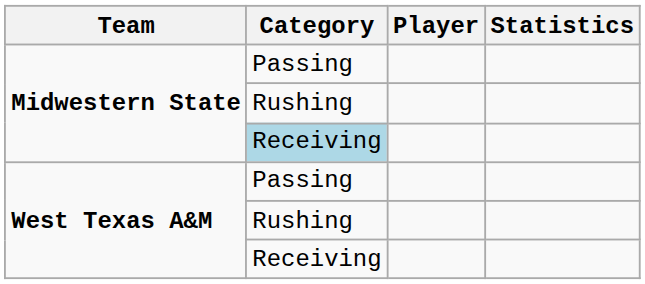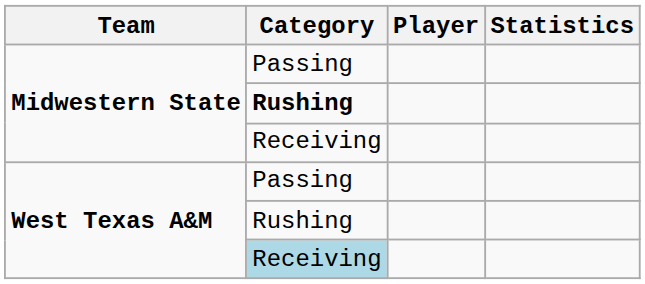 <table class="wikitable" style="float: right;">
 <tr>
 <th>Team</th>
 <th>Category</th>
 <th>Player</th>
 <th>Statistics</th>
 </tr>
 <tr>
 <td rowspan=3><strong>Midwestern State</strong></td>
 <td>Passing</td>
 <td></td>
 <td></td>
 </tr>
 <tr>
-<td>Rushing</td>
+<td><strong>Rushing</strong></td>
 <td></td>
 <td></td>
 </tr>
 <tr>
-<td style="background: lightblue;">Receiving</td>
+<td>Receiving</td>
 <td></td>
 <td></td>
 </tr>
 <tr>
 <td rowspan=3><strong>West Texas A&M</strong></td>
 <td>Passing</td>
 <td></td>
 <td></td>
 </tr>
 <tr>
 <td>Rushing</td>
 <td></td>
 <td></td>
 </tr>
 <tr>
-<td>Receiving</td>
+<td style="background: lightblue;">Receiving</td>
 <td></td>
 <td></td>
 </tr>
 </table>
